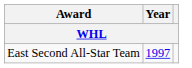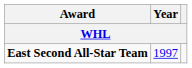 <table class="wikitable">
 <tr>
 <th>Award</th>
 <th>Year</th>
 <th></th>
 </tr>
 <tr bgcolor="#e0e0e0">
 <th colspan="3"><a href='#'>WHL</a></th>
 </tr>
 <tr>
-<td>East Second All-Star Team</td>
+<td><strong>East Second All-Star Team</strong></td>
 <td><a href='#'>1997</a></td>
 <td></td>
 </tr>
 </table>
